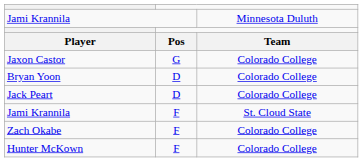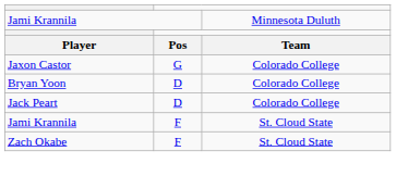 <table class="wikitable" width=40%>
 <tr>
 <th><a href='#'></a></th>
 </tr>
 <tr>
 <td colspan=2><a href='#'>Jami Krannila</a></td>
 <td align=center><a href='#'>Minnesota Duluth</a></td>
 </tr>
 <tr>
 <th><a href='#'></a></th>
 </tr>
 <tr>
 <th>Player</th>
 <th>Pos</th>
 <th>Team</th>
 </tr>
 <tr>
 <td><a href='#'>Jaxon Castor</a></td>
 <td align=center><a href='#'>G</a></td>
 <td align=center><a href='#'>Colorado College</a></td>
 </tr>
 <tr>
 <td><a href='#'>Bryan Yoon</a></td>
 <td align=center><a href='#'>D</a></td>
 <td align=center><a href='#'>Colorado College</a></td>
 </tr>
 <tr>
 <td><a href='#'>Jack Peart</a></td>
 <td align=center><a href='#'>D</a></td>
 <td align=center><a href='#'>Colorado College</a></td>
 </tr>
 <tr>
 <td><a href='#'>Jami Krannila</a></td>
 <td align=center><a href='#'>F</a></td>
 <td align=center><a href='#'>St. Cloud State</a></td>
 </tr>
 <tr>
 <td><a href='#'>Zach Okabe</a></td>
 <td align=center><a href='#'>F</a></td>
-<td align=center><a href='#'>Colorado College</a></td>
-</tr>
-<tr>
-<td><a href='#'>Hunter McKown</a></td>
-<td align=center><a href='#'>F</a></td>
-<td align=center><a href='#'>Colorado College</a></td>
+<td align=center><a href='#'>St. Cloud State</a></td>
 </tr>
 </table>
